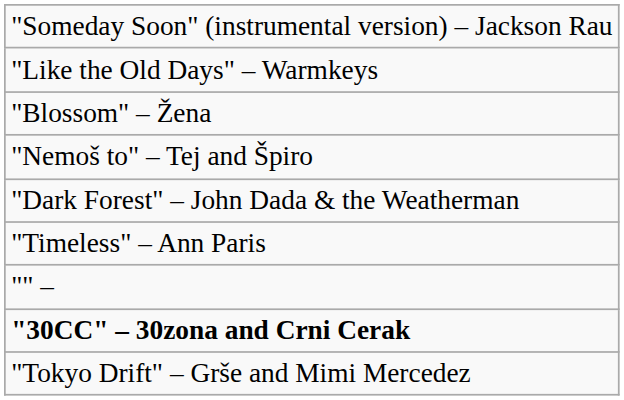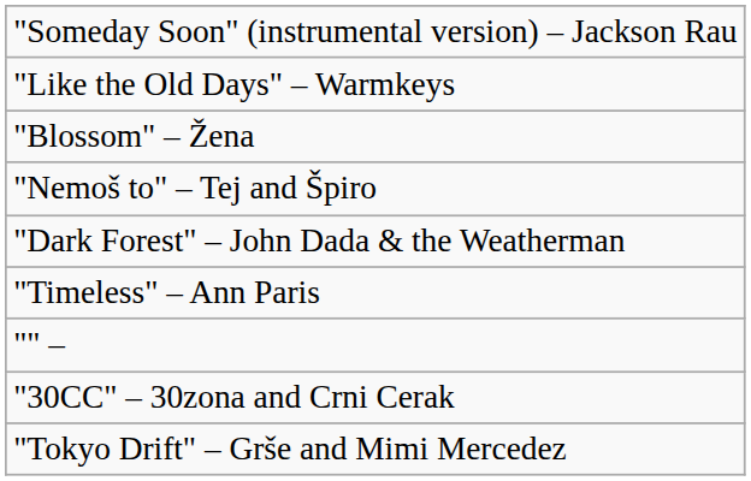 <table class="wikitable mw-collapsible mw-collapsed">
 <tr>
 <td>"Someday Soon" (instrumental version) – Jackson Rau</td>
 </tr>
 <tr>
 <td>"Like the Old Days" – Warmkeys</td>
 </tr>
 <tr>
 <td>"Blossom" – Žena</td>
 </tr>
 <tr>
 <td>"Nemoš to" – Tej and Špiro</td>
 </tr>
 <tr>
 <td>"Dark Forest" – John Dada & the Weatherman</td>
 </tr>
 <tr>
 <td>"Timeless" – Ann Paris</td>
 </tr>
 <tr>
 <td>"" – </td>
 </tr>
 <tr>
-<td><strong>"30CC" – 30zona and Crni Cerak</strong></td>
+<td>"30CC" – 30zona and Crni Cerak</td>
 </tr>
 <tr>
 <td>"Tokyo Drift" – Grše and Mimi Mercedez</td>
 </tr>
 </table>
